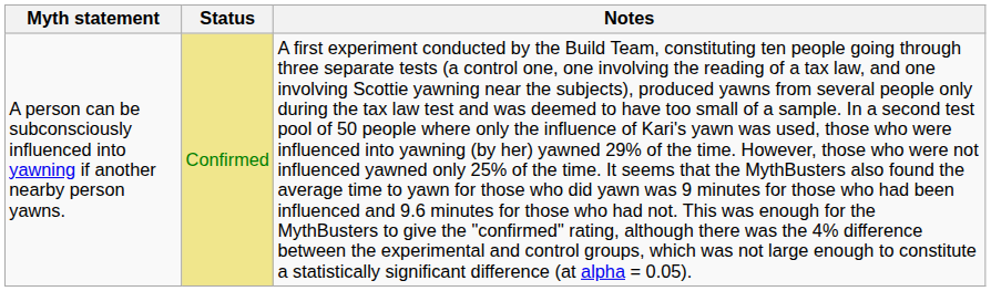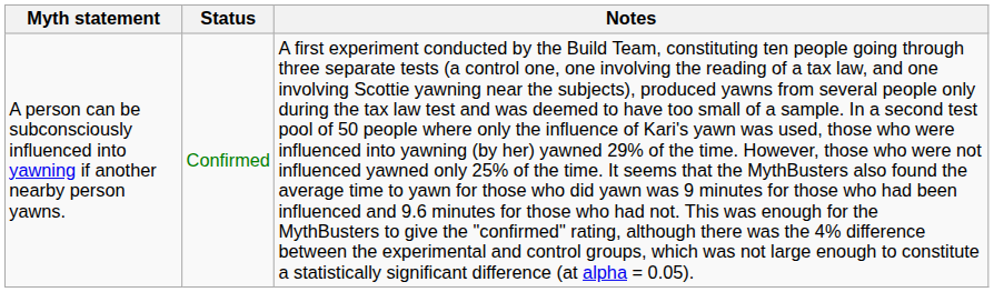 <table class="wikitable plainrowheaders">
 <tr>
 <th>Myth statement</th>
 <th>Status</th>
 <th>Notes</th>
 </tr>
 <tr>
 <td>A person can be subconsciously influenced into <a href='#'>yawning</a> if another nearby person yawns.</td>
-<td style="background: khaki; color:green">Confirmed</td>
+<td style="color:green">Confirmed</td>
 <td>A first experiment conducted by the Build Team, constituting ten people going through three separate tests (a control one, one involving the reading of a tax law, and one involving Scottie yawning near the subjects), produced yawns from several people only during the tax law test and was deemed to have too small of a sample. In a second test pool of 50 people where only the influence of Kari's yawn was used, those who were influenced into yawning (by her) yawned 29% of the time. However, those who were not influenced yawned only 25% of the time. It seems that the MythBusters also found the average time to yawn for those who did yawn was 9 minutes for those who had been influenced and 9.6 minutes for those who had not. This was enough for the MythBusters to give the "confirmed" rating, although there was the 4% difference between the experimental and control groups, which was not large enough to constitute a statistically significant difference (at <a href='#'>alpha</a> = 0.05).</td>
 </tr>
 </table>
